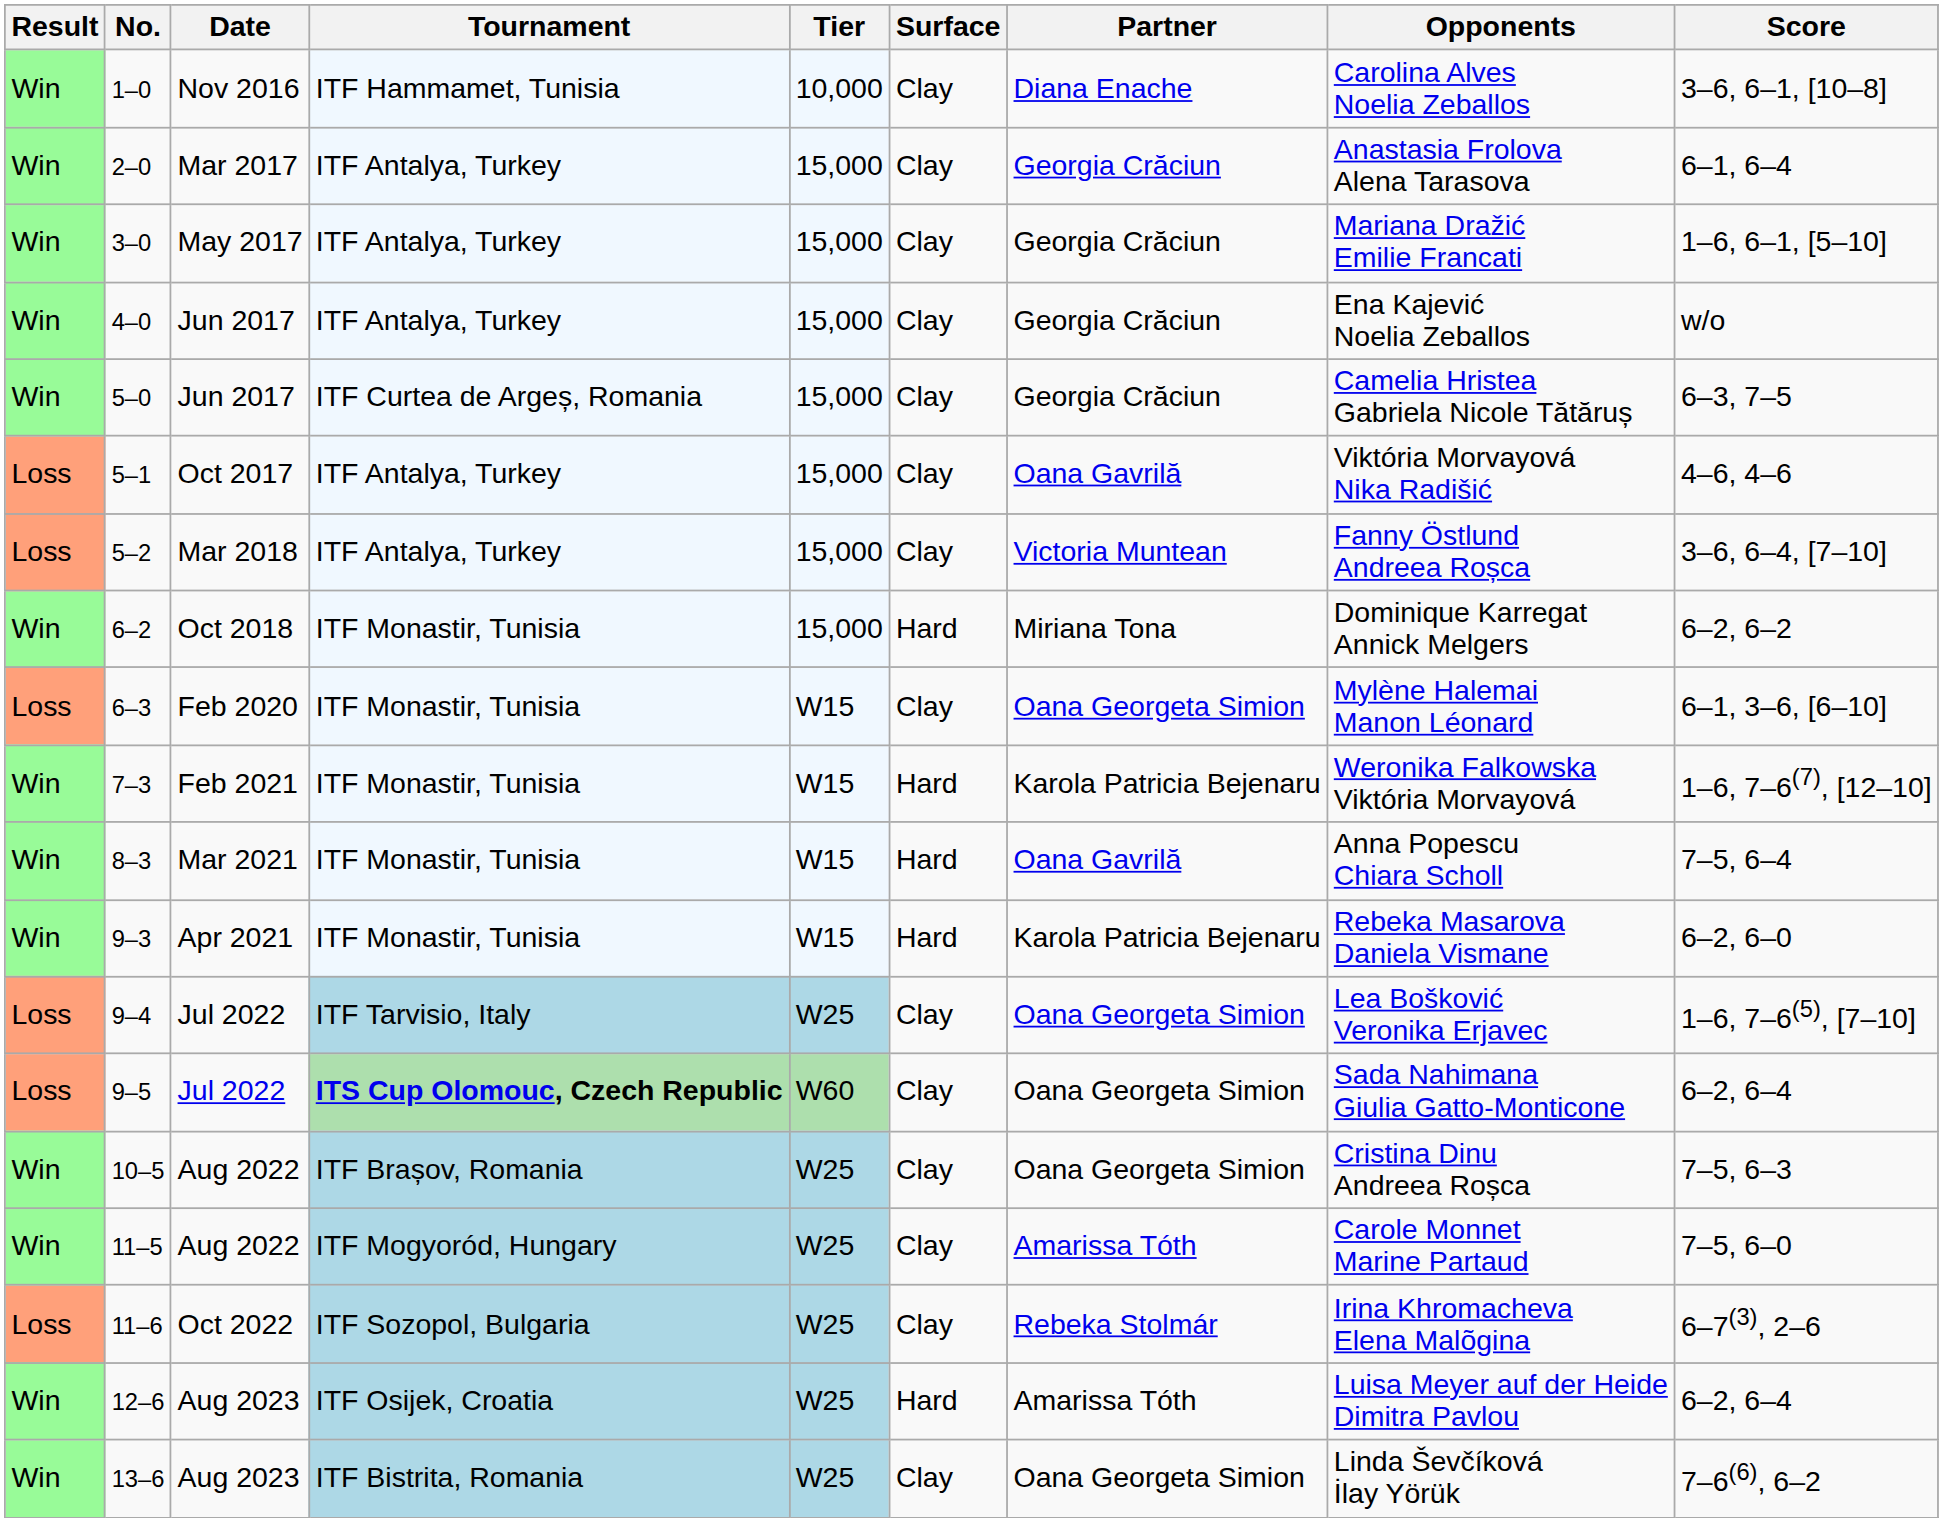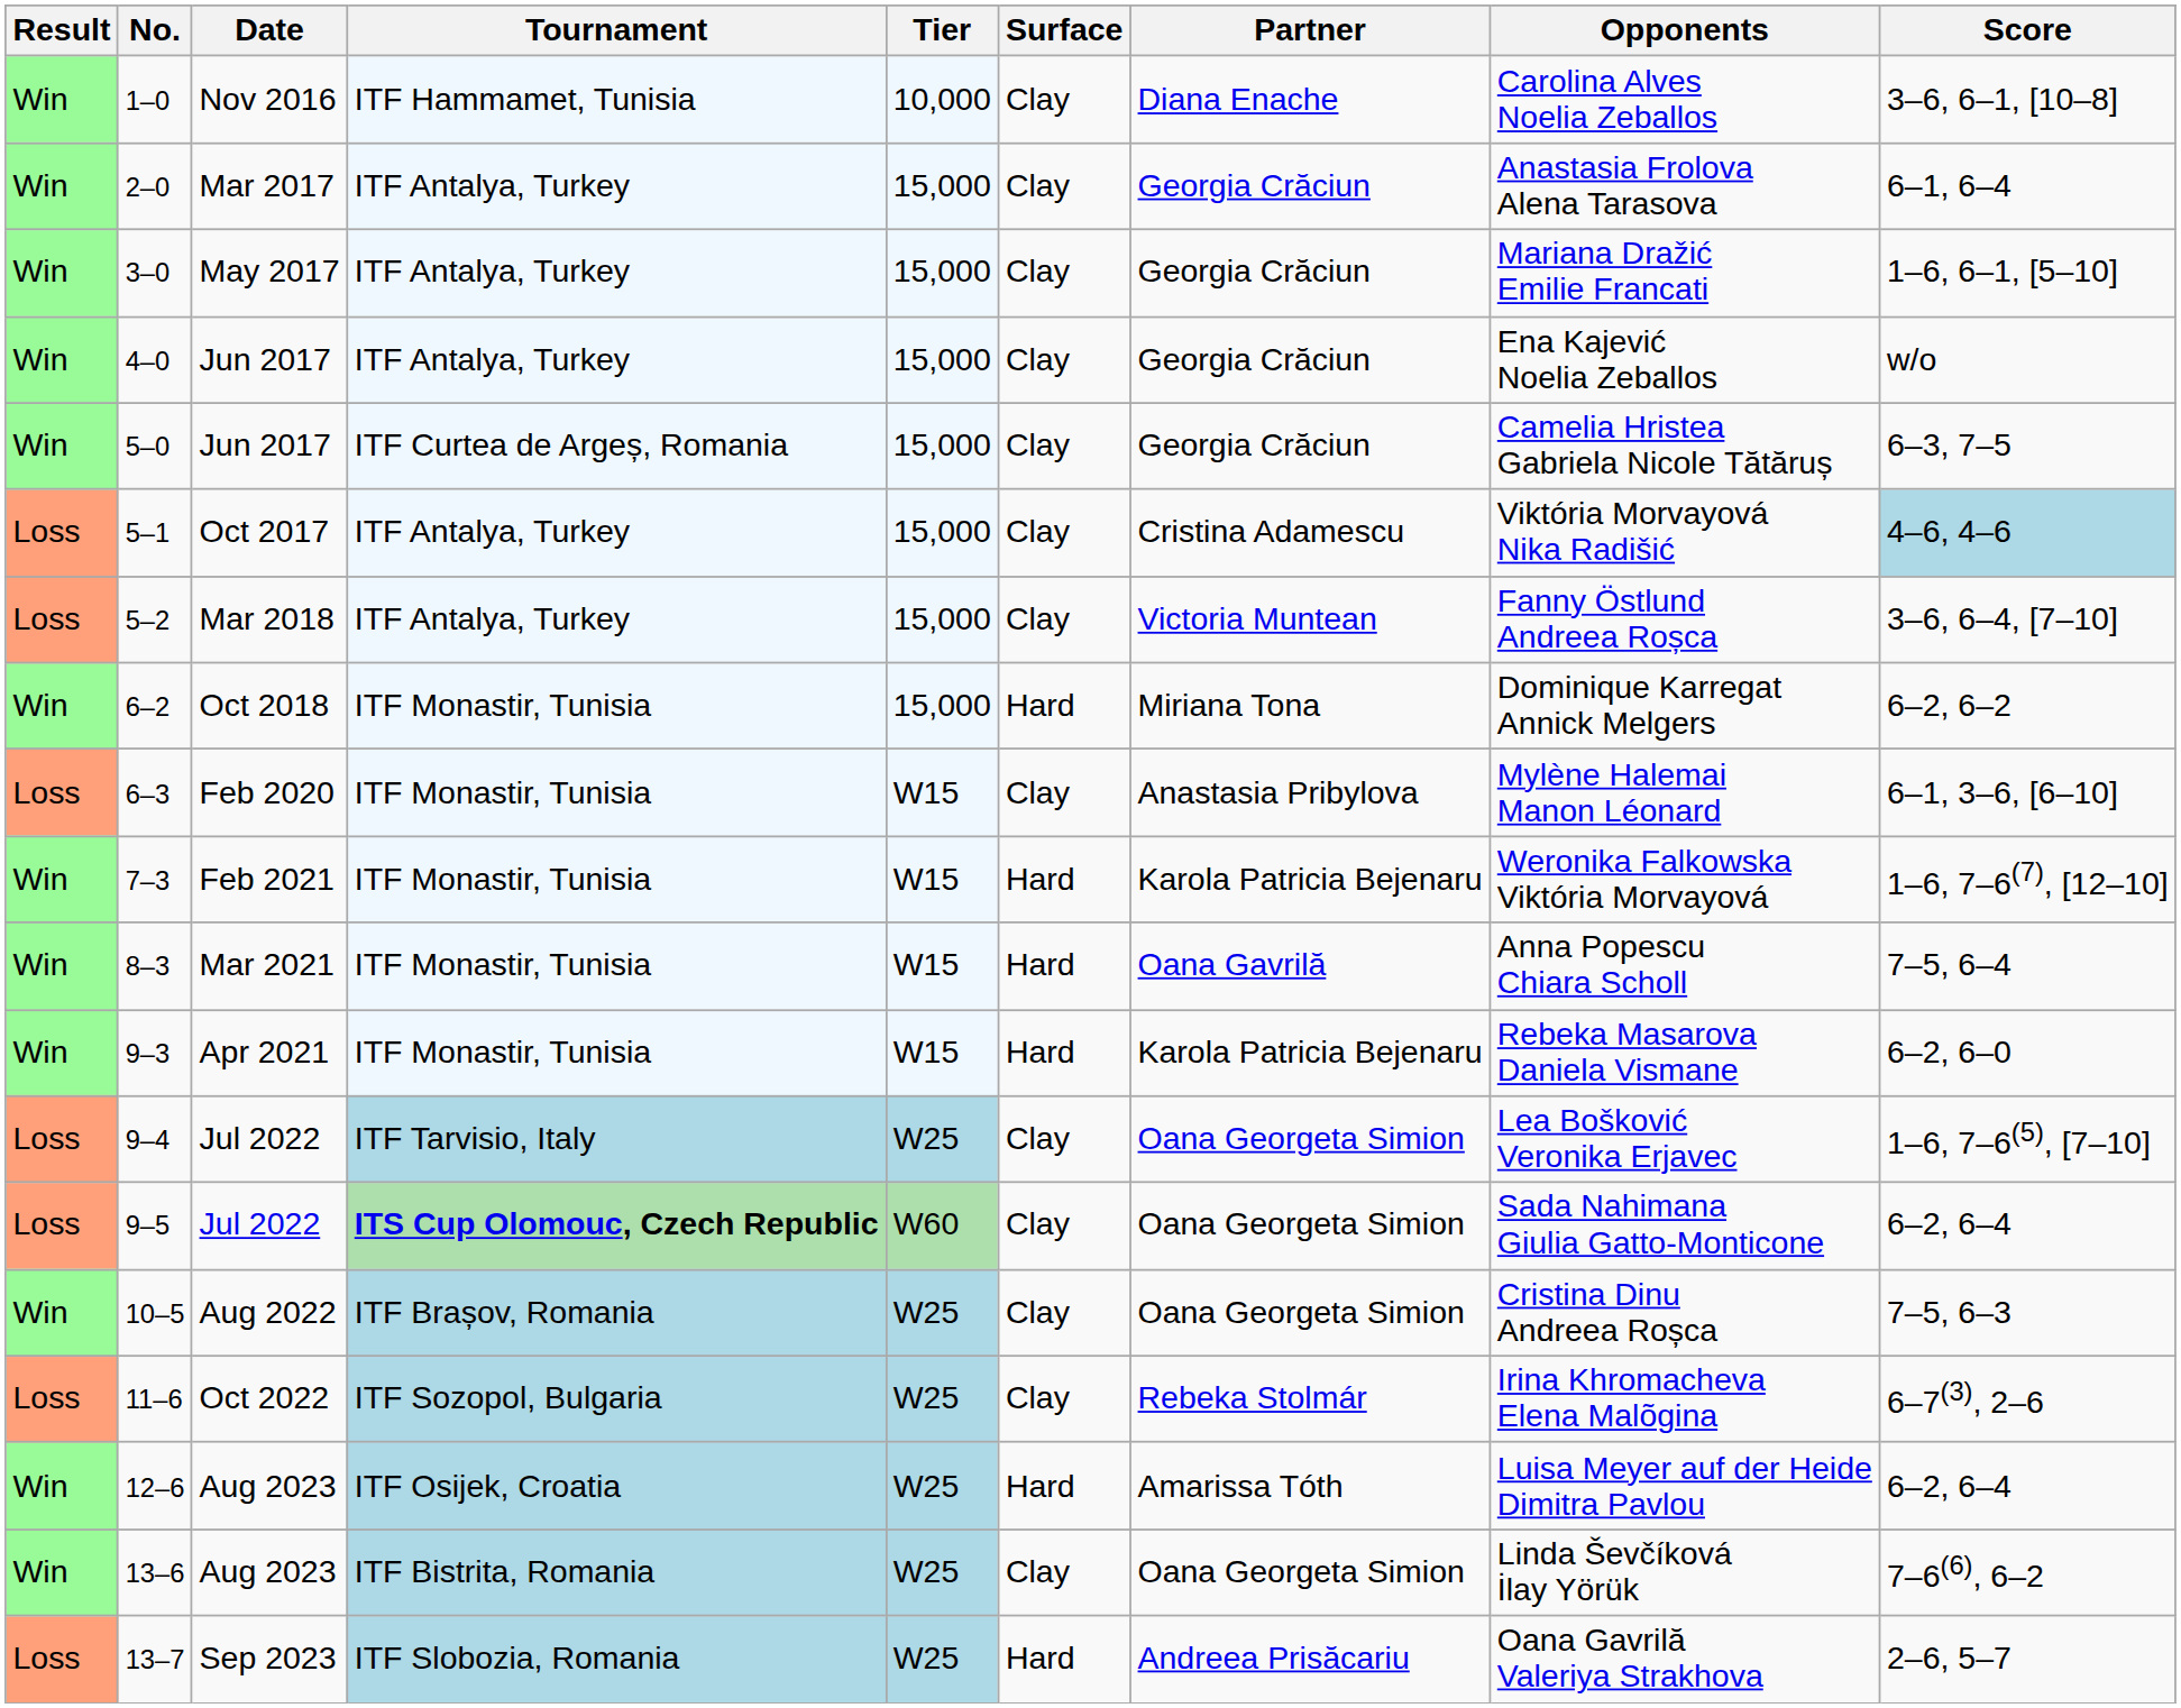 <table class="sortable wikitable">
 <tr>
 <th>Result</th>
 <th>No.</th>
 <th>Date</th>
 <th>Tournament</th>
 <th>Tier</th>
 <th>Surface</th>
 <th>Partner</th>
 <th>Opponents</th>
 <th>Score</th>
 </tr>
 <tr>
 <td style="background:#98fb98;">Win</td>
 <td><small>1–0</small></td>
 <td>Nov 2016</td>
 <td style="background:#f0f8ff;">ITF Hammamet, Tunisia</td>
 <td style="background:#f0f8ff;">10,000</td>
 <td>Clay</td>
 <td> <a href='#'>Diana Enache</a></td>
 <td> <a href='#'>Carolina Alves</a> <br>  <a href='#'>Noelia Zeballos</a></td>
 <td>3–6, 6–1, [10–8]</td>
 </tr>
 <tr>
 <td style="background:#98fb98;">Win</td>
 <td><small>2–0</small></td>
 <td>Mar 2017</td>
 <td style="background:#f0f8ff;">ITF Antalya, Turkey</td>
 <td style="background:#f0f8ff;">15,000</td>
 <td>Clay</td>
 <td> <a href='#'>Georgia Crăciun</a></td>
 <td> <a href='#'>Anastasia Frolova</a> <br>  Alena Tarasova</td>
 <td>6–1, 6–4</td>
 </tr>
 <tr>
 <td style="background:#98fb98;">Win</td>
 <td><small>3–0</small></td>
 <td>May 2017</td>
 <td style="background:#f0f8ff;">ITF Antalya, Turkey</td>
 <td style="background:#f0f8ff;">15,000</td>
 <td>Clay</td>
 <td> Georgia Crăciun</td>
 <td> <a href='#'>Mariana Dražić</a> <br>  <a href='#'>Emilie Francati</a></td>
 <td>1–6, 6–1, [5–10]</td>
 </tr>
 <tr>
 <td style="background:#98fb98;">Win</td>
 <td><small>4–0</small></td>
 <td>Jun 2017</td>
 <td style="background:#f0f8ff;">ITF Antalya, Turkey</td>
 <td style="background:#f0f8ff;">15,000</td>
 <td>Clay</td>
 <td> Georgia Crăciun</td>
 <td> Ena Kajević <br>  Noelia Zeballos</td>
 <td>w/o</td>
 </tr>
 <tr>
 <td style="background:#98fb98;">Win</td>
 <td><small>5–0</small></td>
 <td>Jun 2017</td>
 <td style="background:#f0f8ff;">ITF Curtea de Argeș, Romania</td>
 <td style="background:#f0f8ff;">15,000</td>
 <td>Clay</td>
 <td> Georgia Crăciun</td>
 <td> <a href='#'>Camelia Hristea</a> <br>  Gabriela Nicole Tătăruș</td>
 <td>6–3, 7–5</td>
 </tr>
 <tr>
 <td style="background:#ffa07a;">Loss</td>
 <td><small>5–1</small></td>
 <td>Oct 2017</td>
 <td style="background:#f0f8ff;">ITF Antalya, Turkey</td>
 <td style="background:#f0f8ff;">15,000</td>
 <td>Clay</td>
-<td> <a href='#'>Oana Gavrilă</a></td>
+<td> Cristina Adamescu</td>
 <td> Viktória Morvayová <br>  <a href='#'>Nika Radišić</a></td>
-<td>4–6, 4–6</td>
+<td style="background: lightblue;">4–6, 4–6</td>
 </tr>
 <tr>
 <td bgcolor="FFA07A">Loss</td>
 <td><small>5–2</small></td>
 <td>Mar 2018</td>
 <td style="background:#f0f8ff;">ITF Antalya, Turkey</td>
 <td style="background:#f0f8ff;">15,000</td>
 <td>Clay</td>
 <td> <a href='#'>Victoria Muntean</a></td>
 <td> <a href='#'>Fanny Östlund</a> <br>  <a href='#'>Andreea Roșca</a></td>
 <td>3–6, 6–4, [7–10]</td>
 </tr>
 <tr>
 <td style="background:#98fb98;">Win</td>
 <td><small>6–2</small></td>
 <td>Oct 2018</td>
 <td style="background:#f0f8ff;">ITF Monastir, Tunisia</td>
 <td style="background:#f0f8ff;">15,000</td>
 <td>Hard</td>
 <td> Miriana Tona</td>
 <td> Dominique Karregat <br>  Annick Melgers</td>
 <td>6–2, 6–2</td>
 </tr>
 <tr>
 <td bgcolor="FFA07A">Loss</td>
 <td><small>6–3</small></td>
 <td>Feb 2020</td>
 <td style="background:#f0f8ff;">ITF Monastir, Tunisia</td>
 <td style="background:#f0f8ff;">W15</td>
 <td>Clay</td>
-<td> <a href='#'>Oana Georgeta Simion</a></td>
+<td> Anastasia Pribylova</td>
 <td> <a href='#'>Mylène Halemai</a> <br>  <a href='#'>Manon Léonard</a></td>
 <td>6–1, 3–6, [6–10]</td>
 </tr>
 <tr>
 <td style="background:#98fb98;">Win</td>
 <td><small>7–3</small></td>
 <td>Feb 2021</td>
 <td style="background:#f0f8ff;">ITF Monastir, Tunisia</td>
 <td style="background:#f0f8ff;">W15</td>
 <td>Hard</td>
 <td> Karola Patricia Bejenaru</td>
 <td> <a href='#'>Weronika Falkowska</a> <br>  Viktória Morvayová</td>
 <td>1–6, 7–6<sup>(7)</sup>, [12–10]</td>
 </tr>
 <tr>
 <td style="background:#98fb98;">Win</td>
 <td><small>8–3</small></td>
 <td>Mar 2021</td>
 <td style="background:#f0f8ff;">ITF Monastir, Tunisia</td>
 <td style="background:#f0f8ff;">W15</td>
 <td>Hard</td>
 <td> <a href='#'>Oana Gavrilă</a></td>
 <td> Anna Popescu <br> <a href='#'>Chiara Scholl</a></td>
 <td>7–5, 6–4</td>
 </tr>
 <tr>
 <td style="background:#98fb98;">Win</td>
 <td><small>9–3</small></td>
 <td>Apr 2021</td>
 <td style="background:#f0f8ff;">ITF Monastir, Tunisia</td>
 <td style="background:#f0f8ff;">W15</td>
 <td>Hard</td>
 <td> Karola Patricia Bejenaru</td>
 <td> <a href='#'>Rebeka Masarova</a> <br>  <a href='#'>Daniela Vismane</a></td>
 <td>6–2, 6–0</td>
 </tr>
 <tr>
 <td style="background:#ffa07a">Loss</td>
 <td><small>9–4</small></td>
 <td>Jul 2022</td>
 <td style="background:lightblue">ITF Tarvisio, Italy</td>
 <td style="background:lightblue">W25</td>
 <td>Clay</td>
 <td> <a href='#'>Oana Georgeta Simion</a></td>
 <td> <a href='#'>Lea Bošković</a><br> <a href='#'>Veronika Erjavec</a></td>
 <td>1–6, 7–6<sup>(5)</sup>, [7–10]</td>
 </tr>
 <tr>
 <td style="background:#ffa07a">Loss</td>
 <td><small>9–5</small></td>
 <td><a href='#'>Jul 2022</a></td>
 <td bgcolor=addfad><strong><a href='#'>ITS Cup Olomouc</a>, Czech Republic</strong></td>
 <td bgcolor=addfad>W60</td>
 <td>Clay</td>
 <td> Oana Georgeta Simion</td>
 <td> <a href='#'>Sada Nahimana</a> <br>  <a href='#'>Giulia Gatto-Monticone</a></td>
 <td>6–2, 6–4</td>
 </tr>
 <tr>
 <td style="background:#98fb98;">Win</td>
 <td><small>10–5</small></td>
 <td>Aug 2022</td>
 <td style="background:lightblue">ITF Brașov, Romania</td>
 <td style="background:lightblue">W25</td>
 <td>Clay</td>
 <td> Oana Georgeta Simion</td>
 <td> <a href='#'>Cristina Dinu</a> <br>  Andreea Roșca</td>
 <td>7–5, 6–3</td>
 </tr>
 <tr>
-<td bgcolor=98FB98>Win</td>
-<td><small>11–5</small></td>
-<td>Aug 2022</td>
-<td bgcolor=lightblue>ITF Mogyoród, Hungary</td>
-<td bgcolor=lightblue>W25</td>
-<td>Clay</td>
-<td> <a href='#'>Amarissa Tóth</a></td>
-<td> <a href='#'>Carole Monnet</a><br> <a href='#'>Marine Partaud</a></td>
-<td>7–5, 6–0</td>
-</tr>
-<tr>
 <td style="background:#ffa07a">Loss</td>
 <td><small>11–6</small></td>
 <td>Oct 2022</td>
 <td style="background:lightblue">ITF Sozopol, Bulgaria</td>
 <td style="background:lightblue">W25</td>
 <td>Clay</td>
 <td> <a href='#'>Rebeka Stolmár</a></td>
 <td> <a href='#'>Irina Khromacheva</a><br> <a href='#'>Elena Malõgina</a></td>
 <td>6–7<sup>(3)</sup>, 2–6</td>
 </tr>
 <tr>
 <td bgcolor=98FB98>Win</td>
 <td><small>12–6</small></td>
 <td>Aug 2023</td>
 <td bgcolor=lightblue>ITF Osijek, Croatia</td>
 <td bgcolor=lightblue>W25</td>
 <td>Hard</td>
 <td> Amarissa Tóth</td>
 <td> <a href='#'>Luisa Meyer auf der Heide</a> <br> <a href='#'>Dimitra Pavlou</a></td>
 <td>6–2, 6–4</td>
 </tr>
 <tr>
 <td bgcolor=98FB98>Win</td>
 <td><small>13–6</small></td>
 <td>Aug 2023</td>
 <td bgcolor=lightblue>ITF Bistrita, Romania</td>
 <td bgcolor=lightblue>W25</td>
 <td>Clay</td>
 <td> Oana Georgeta Simion</td>
 <td> Linda Ševčíková <br>  İlay Yörük</td>
 <td>7–6<sup>(6)</sup>, 6–2</td>
 </tr>
+<tr>
+<td style="background:#ffa07a">Loss</td>
+<td><small>13–7</small></td>
+<td>Sep 2023</td>
+<td style="background:lightblue">ITF Slobozia, Romania</td>
+<td style="background:lightblue">W25</td>
+<td>Hard</td>
+<td> <a href='#'>Andreea Prisăcariu</a></td>
+<td> Oana Gavrilă <br>  <a href='#'>Valeriya Strakhova</a></td>
+<td>2–6, 5–7</td>
+</tr>
 </table>
